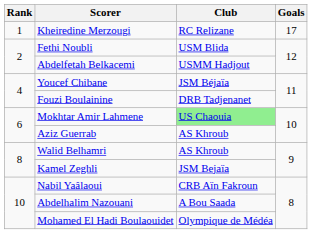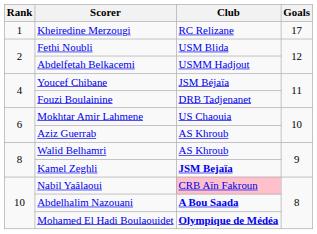 <table class="wikitable" style="text-align:center">
 <tr>
 <th>Rank</th>
 <th>Scorer</th>
 <th>Club</th>
 <th>Goals</th>
 </tr>
 <tr>
 <td>1</td>
 <td align="left"> <a href='#'>Kheiredine Merzougi</a></td>
 <td align="left"><a href='#'>RC Relizane</a></td>
 <td>17</td>
 </tr>
 <tr>
 <td rowspan=2>2</td>
 <td align="left"> <a href='#'>Fethi Noubli</a></td>
 <td align="left"><a href='#'>USM Blida</a></td>
 <td rowspan=2>12</td>
 </tr>
 <tr>
 <td align="left"> <a href='#'>Abdelfetah Belkacemi</a></td>
 <td align="left"><a href='#'>USMM Hadjout</a></td>
 </tr>
 <tr>
 <td rowspan=2>4</td>
 <td align="left"> <a href='#'>Youcef Chibane</a></td>
 <td align="left"><a href='#'>JSM Béjaïa</a></td>
 <td rowspan=2>11</td>
 </tr>
 <tr>
 <td align="left"> <a href='#'>Fouzi Boulainine</a></td>
 <td align="left"><a href='#'>DRB Tadjenanet</a></td>
 </tr>
 <tr>
 <td rowspan=2>6</td>
 <td align="left"> <a href='#'>Mokhtar Amir Lahmene</a></td>
-<td align="left" style="background: lightgreen;"><a href='#'>US Chaouia</a></td>
+<td align="left"><a href='#'>US Chaouia</a></td>
 <td rowspan=2>10</td>
 </tr>
 <tr>
 <td align="left"> <a href='#'>Aziz Guerrab</a></td>
 <td align="left"><a href='#'>AS Khroub</a></td>
 </tr>
 <tr>
 <td rowspan=2>8</td>
 <td align="left"> <a href='#'>Walid Belhamri</a></td>
 <td align="left"><a href='#'>AS Khroub</a></td>
 <td rowspan=2>9</td>
 </tr>
 <tr>
 <td align="left"> <a href='#'>Kamel Zeghli</a></td>
-<td align="left"><a href='#'>JSM Bejaïa</a></td>
+<td align="left"><strong><a href='#'>JSM Bejaïa</a></strong></td>
 </tr>
 <tr>
 <td rowspan=3>10</td>
 <td align="left"> <a href='#'>Nabil Yaâlaoui</a></td>
-<td align="left"><a href='#'>CRB Aïn Fakroun</a></td>
+<td align="left" style="background: pink;"><a href='#'>CRB Aïn Fakroun</a></td>
 <td rowspan=3>8</td>
 </tr>
 <tr>
 <td align="left"> <a href='#'>Abdelhalim Nazouani</a></td>
-<td align="left"><a href='#'>A Bou Saada</a></td>
+<td align="left"><strong><a href='#'>A Bou Saada</a></strong></td>
 </tr>
 <tr>
 <td align="left"> <a href='#'>Mohamed El Hadi Boulaouidet</a></td>
-<td align="left"><a href='#'>Olympique de Médéa</a></td>
+<td align="left"><strong><a href='#'>Olympique de Médéa</a></strong></td>
 </tr>
 </table>
